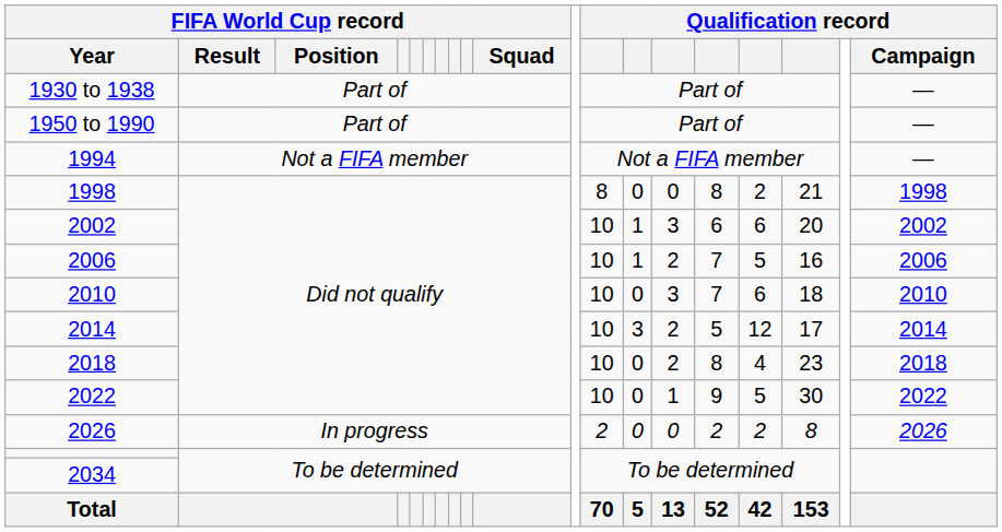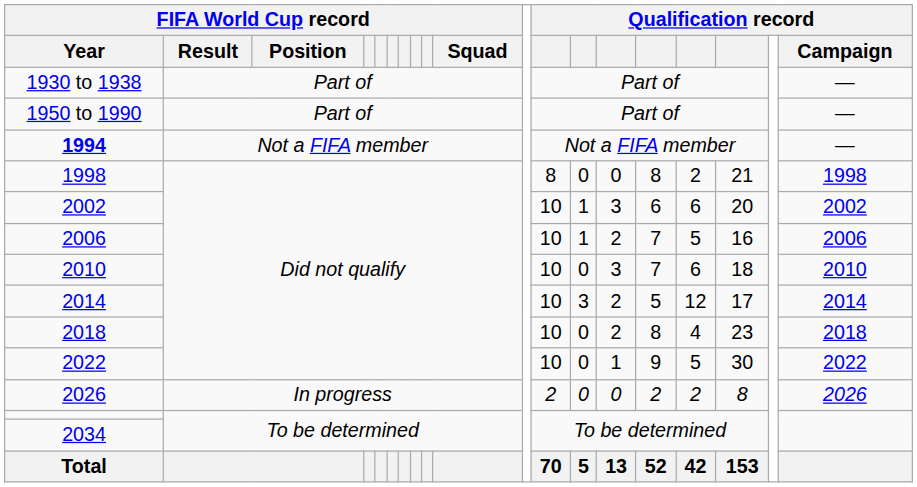 <table class="wikitable" style="text-align: center;">
 <tr>
 <th colspan=10><a href='#'>FIFA World Cup</a> record</th>
 <th style="width:1%;background:white" rowspan=16></th>
 <th colspan=8><a href='#'>Qualification</a> record</th>
 </tr>
 <tr>
 <th>Year</th>
 <th>Result</th>
 <th>Position</th>
 <th></th>
 <th></th>
 <th></th>
 <th></th>
 <th></th>
 <th></th>
 <th>Squad</th>
 <th></th>
 <th></th>
 <th></th>
 <th></th>
 <th></th>
 <th></th>
 <th style="width:1%;background:white" rowspan=15></th>
 <th colspan="1">Campaign</th>
 </tr>
 <tr>
 <td><a href='#'>1930</a> to <a href='#'>1938</a></td>
 <td colspan=9><em>Part of </em></td>
 <td colspan=6><em>Part of </em></td>
 <td rowspan=1>—</td>
 </tr>
 <tr>
 <td><a href='#'>1950</a> to <a href='#'>1990</a></td>
 <td colspan=9><em>Part of </em></td>
 <td colspan=6><em>Part of </em></td>
 <td rowspan=1>—</td>
 </tr>
 <tr>
-<td><a href='#'>1994</a></td>
+<td><strong><a href='#'>1994</a></strong></td>
 <td colspan=9><em>Not a <a href='#'>FIFA</a> member</em></td>
 <td colspan=6><em>Not a <a href='#'>FIFA</a> member</em></td>
 <td rowspan=1>—</td>
 </tr>
 <tr>
 <td> <a href='#'>1998</a></td>
 <td colspan=9 rowspan=7><em>Did not qualify</em></td>
 <td>8</td>
 <td>0</td>
 <td>0</td>
 <td>8</td>
 <td>2</td>
 <td>21</td>
 <td><a href='#'>1998</a></td>
 </tr>
 <tr>
 <td>  <a href='#'>2002</a></td>
 <td>10</td>
 <td>1</td>
 <td>3</td>
 <td>6</td>
 <td>6</td>
 <td>20</td>
 <td><a href='#'>2002</a></td>
 </tr>
 <tr>
 <td> <a href='#'>2006</a></td>
 <td>10</td>
 <td>1</td>
 <td>2</td>
 <td>7</td>
 <td>5</td>
 <td>16</td>
 <td><a href='#'>2006</a></td>
 </tr>
 <tr>
 <td> <a href='#'>2010</a></td>
 <td>10</td>
 <td>0</td>
 <td>3</td>
 <td>7</td>
 <td>6</td>
 <td>18</td>
 <td><a href='#'>2010</a></td>
 </tr>
 <tr>
 <td> <a href='#'>2014</a></td>
 <td>10</td>
 <td>3</td>
 <td>2</td>
 <td>5</td>
 <td>12</td>
 <td>17</td>
 <td><a href='#'>2014</a></td>
 </tr>
 <tr>
 <td> <a href='#'>2018</a></td>
 <td>10</td>
 <td>0</td>
 <td>2</td>
 <td>8</td>
 <td>4</td>
 <td>23</td>
 <td><a href='#'>2018</a></td>
 </tr>
 <tr>
 <td> <a href='#'>2022</a></td>
 <td>10</td>
 <td>0</td>
 <td>1</td>
 <td>9</td>
 <td>5</td>
 <td>30</td>
 <td><a href='#'>2022</a></td>
 </tr>
 <tr>
 <td>   <a href='#'>2026</a></td>
 <td colspan=9 rowspan=1><em>In progress</em></td>
 <td><em>2</em></td>
 <td><em>0</em></td>
 <td><em>0</em></td>
 <td><em>2</em></td>
 <td><em>2</em></td>
 <td><em>8</em></td>
 <td><em><a href='#'>2026</a></em></td>
 </tr>
 <tr>
 <td></td>
 <td colspan=9 rowspan=2><em>To be determined</em></td>
 <td colspan=6 rowspan=2><em>To be determined</em></td>
 <td rowspan=2></td>
 </tr>
 <tr>
 <td> <a href='#'>2034</a></td>
 </tr>
 <tr>
 <th>Total</th>
 <th colspan=2></th>
 <th></th>
 <th></th>
 <th></th>
 <th></th>
 <th></th>
 <th></th>
 <th></th>
 <th>70</th>
 <th>5</th>
 <th>13</th>
 <th>52</th>
 <th>42</th>
 <th>153</th>
 <th></th>
 </tr>
 </table>
